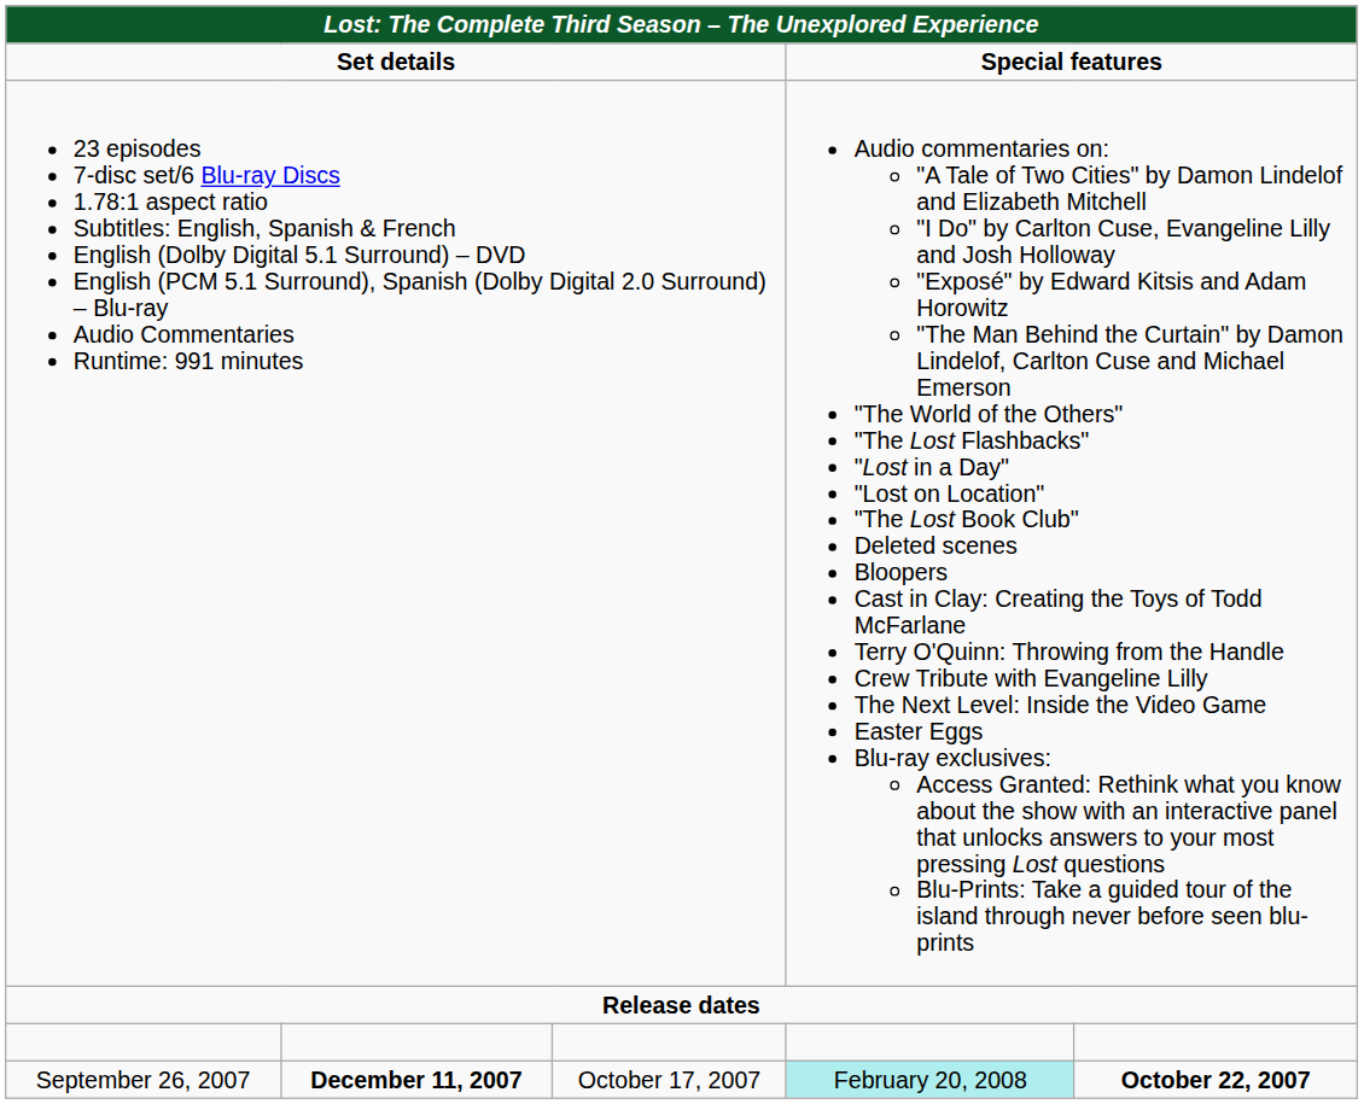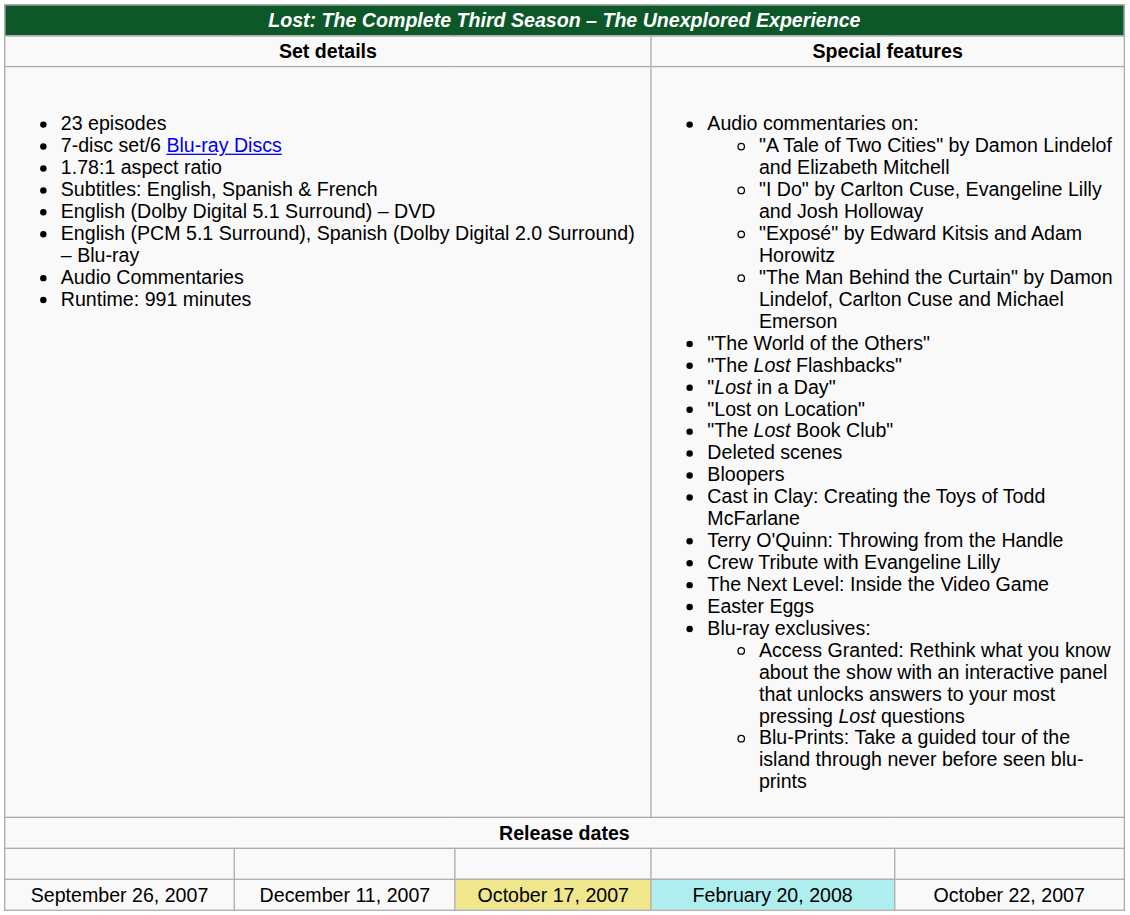 <table class="wikitable" style="font-size: 95%;">
 <tr>
 <th colspan="6" style="background:#0C5829;color:white;"><em>Lost: The Complete Third Season – The Unexplored Experience</em></th>
 </tr>
 <tr valign="top">
 <td align="center" width="400" colspan="3"><strong>Set details</strong></td>
 <td width="400" align="center" colspan="3"><strong>Special features</strong></td>
 </tr>
 <tr valign="top">
 <td colspan="3" align="left"><br><ul><li>23 episodes</li><li>7-disc set/6 <a href='#'>Blu-ray Discs</a></li><li>1.78:1 aspect ratio</li><li>Subtitles: English, Spanish & French</li><li>English (Dolby Digital 5.1 Surround) – DVD</li><li>English (PCM 5.1 Surround), Spanish (Dolby Digital 2.0 Surround) – Blu-ray</li><li>Audio Commentaries</li><li>Runtime: 991 minutes</li></ul></td>
 <td colspan="3" align="left" width="400"><br><ul><li>Audio commentaries on:<ul><li>"A Tale of Two Cities" by Damon Lindelof and Elizabeth Mitchell</li><li>"I Do" by Carlton Cuse, Evangeline Lilly and Josh Holloway</li><li>"Exposé" by Edward Kitsis and Adam Horowitz</li><li>"The Man Behind the Curtain" by Damon Lindelof, Carlton Cuse and Michael Emerson</li></ul></li><li>"The World of the Others"</li><li>"The <em>Lost</em> Flashbacks"</li><li>"<em>Lost</em> in a Day"</li><li>"Lost on Location"</li><li>"The <em>Lost</em> Book Club"</li><li>Deleted scenes</li><li>Bloopers</li><li>Cast in Clay: Creating the Toys of Todd McFarlane</li><li>Terry O'Quinn: Throwing from the Handle</li><li>Crew Tribute with Evangeline Lilly</li><li>The Next Level: Inside the Video Game</li><li>Easter Eggs</li><li>Blu-ray exclusives:<ul><li>Access Granted: Rethink what you know about the show with an interactive panel that unlocks answers to your most pressing <em>Lost</em> questions</li><li>Blu-Prints: Take a guided tour of the island through never before seen blu-prints</li></ul></li></ul></td>
 </tr>
 <tr>
 <td colspan="6" align="center"><strong>Release dates</strong></td>
 </tr>
 <tr>
 <td colspan="1" align="center"><br></td>
 <td colspan="1" align="center"><br></td>
 <td colspan="1" align="center"></td>
 <td colspan="1" align="center"></td>
 <td colspan="1" align="center"></td>
 </tr>
 <tr>
 <td colspan="1" align="center">September 26, 2007</td>
-<td colspan="1" align="center"><strong>December 11, 2007</strong></td>
-<td colspan="1" align="center">October 17, 2007</td>
+<td colspan="1" align="center">December 11, 2007</td>
+<td colspan="1" align="center" style="background: khaki;">October 17, 2007</td>
 <td colspan="1" align="center" style="background: paleturquoise;">February 20, 2008</td>
-<td colspan="1" align="center"><strong>October 22, 2007</strong></td>
+<td colspan="1" align="center">October 22, 2007</td>
 </tr>
 </table>
